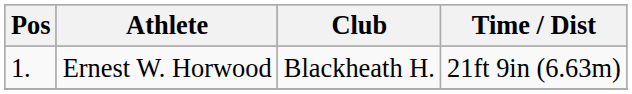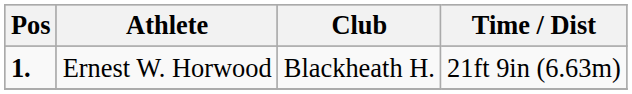 <table class="wikitable">
 <tr>
 <th>Pos</th>
 <th>Athlete</th>
 <th>Club</th>
 <th>Time / Dist</th>
 </tr>
 <tr>
-<td>1.</td>
+<td><strong>1.</strong></td>
 <td>Ernest W. Horwood</td>
 <td>Blackheath H.</td>
 <td>21ft 9in (6.63m)</td>
 </tr>
 <tr>
 </tr>
 </table>
